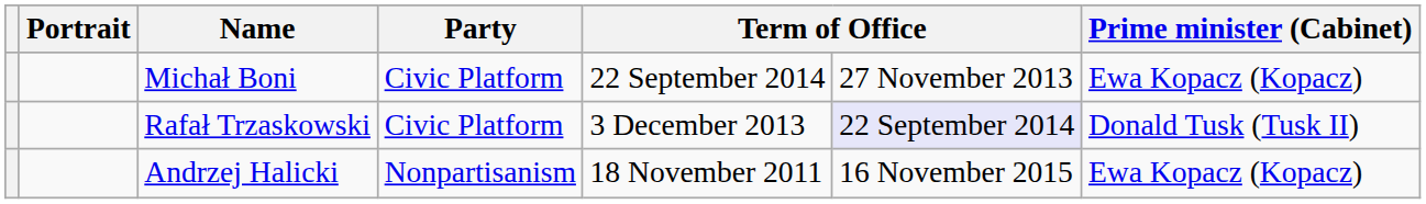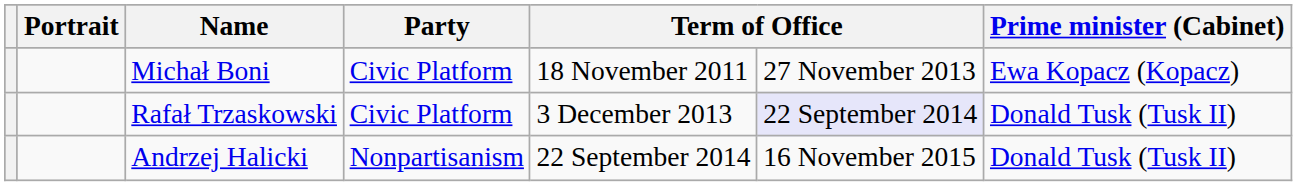 <table class="wikitable">
 <tr>
 <th></th>
 <th>Portrait</th>
 <th>Name</th>
 <th>Party</th>
 <th colspan="2">Term of Office</th>
 <th><a href='#'>Prime minister</a> (Cabinet)</th>
 </tr>
 <tr>
 <th style="background:"></th>
 <td></td>
 <td><a href='#'>Michał Boni</a></td>
 <td><a href='#'>Civic Platform</a></td>
-<td>22 September 2014</td>
+<td>18 November 2011</td>
 <td>27 November 2013</td>
 <td><a href='#'>Ewa Kopacz</a> (<a href='#'>Kopacz</a>)</td>
 </tr>
 <tr>
 <th style="background:"></th>
 <td></td>
 <td><a href='#'>Rafał Trzaskowski</a></td>
 <td><a href='#'>Civic Platform</a></td>
 <td>3 December 2013</td>
 <td style="background: lavender;">22 September 2014</td>
 <td><a href='#'>Donald Tusk</a> (<a href='#'>Tusk II</a>)</td>
 </tr>
 <tr>
 <th style="background:"></th>
 <td></td>
 <td><a href='#'>Andrzej Halicki</a></td>
 <td><a href='#'>Nonpartisanism</a></td>
-<td>18 November 2011</td>
+<td>22 September 2014</td>
 <td>16 November 2015</td>
-<td><a href='#'>Ewa Kopacz</a> (<a href='#'>Kopacz</a>)</td>
+<td><a href='#'>Donald Tusk</a> (<a href='#'>Tusk II</a>)</td>
 </tr>
 </table>
